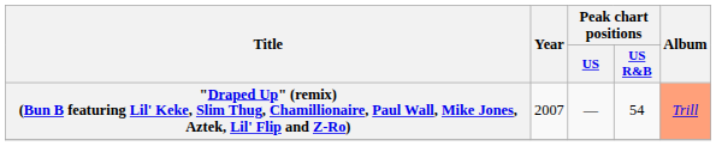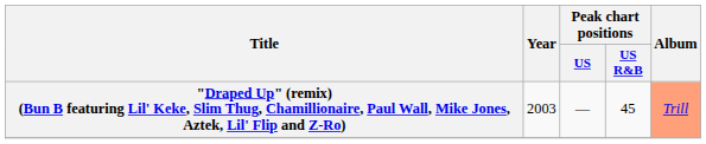 <table class="wikitable plainrowheaders" style="text-align:center;">
 <tr>
 <th scope="col" rowspan="2" style="width:35em;">Title</th>
 <th scope="col" rowspan="2">Year</th>
 <th scope="col" colspan="2">Peak chart positions</th>
 <th scope="col" rowspan="2">Album</th>
 </tr>
 <tr>
 <th scope="col" style="width:3em;font-size:90%;"><a href='#'>US</a></th>
 <th scope="col" style="width:3em;font-size:90%;"><a href='#'>US<br>R&B</a></th>
 </tr>
 <tr>
 <th scope="row">"<a href='#'>Draped Up</a>" (remix)<br><span>(<a href='#'>Bun B</a> featuring <a href='#'>Lil' Keke</a>, <a href='#'>Slim Thug</a>, <a href='#'>Chamillionaire</a>, <a href='#'>Paul Wall</a>, <a href='#'>Mike Jones</a>, Aztek, <a href='#'>Lil' Flip</a> and <a href='#'>Z-Ro</a>)</span></th>
-<td>2007</td>
+<td>2003</td>
 <td>—</td>
-<td>54</td>
+<td>45</td>
 <td style="background: lightsalmon;"><em><a href='#'>Trill</a></em></td>
 </tr>
 <tr>
 </tr>
 </table>
